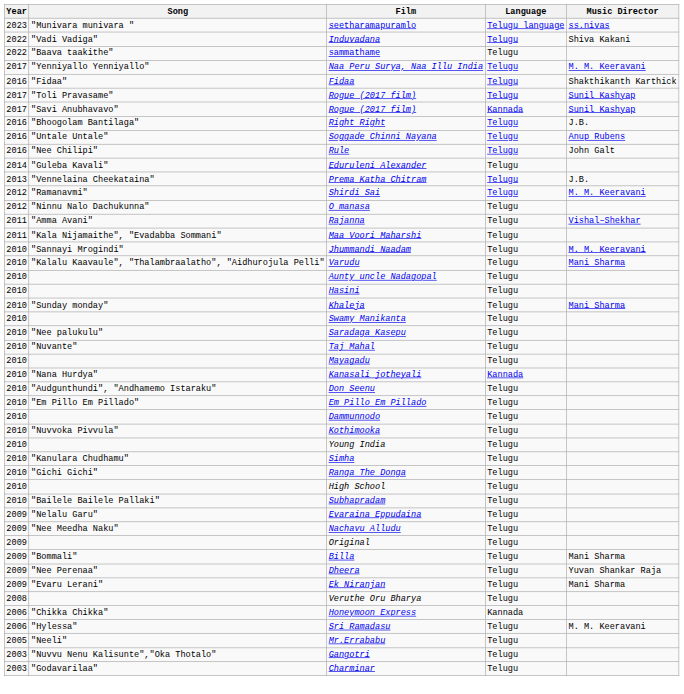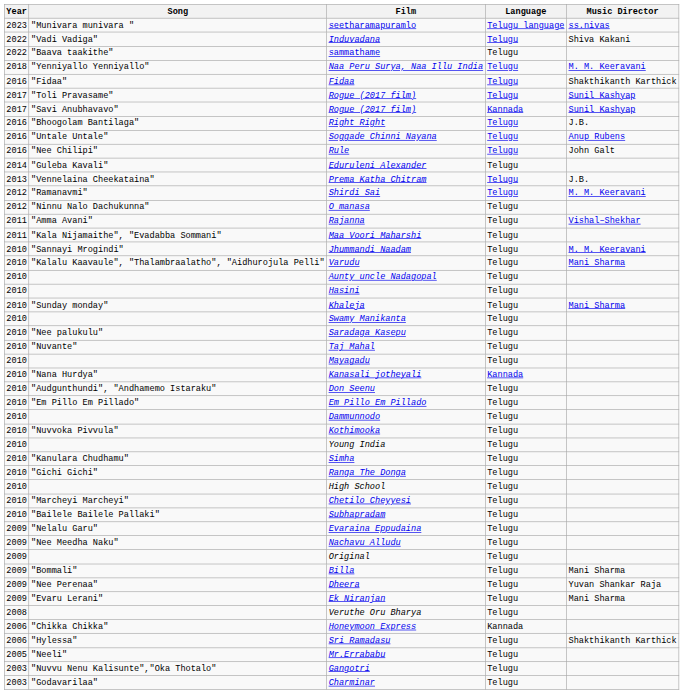 <table class="wikitable">
 <tr>
 <th>Year</th>
 <th>Song</th>
 <th>Film</th>
 <th>Language</th>
 <th>Music Director</th>
 </tr>
 <tr>
 <td>2023</td>
 <td>"Munivara munivara "</td>
 <td><a href='#'>seetharamapuramlo</a></td>
 <td><a href='#'>Telugu language</a></td>
 <td><a href='#'>ss.nivas</a></td>
 </tr>
 <tr>
 <td>2022</td>
 <td>"Vadi Vadiga"</td>
 <td><em><a href='#'>Induvadana</a></em></td>
 <td><a href='#'>Telugu</a></td>
 <td>Shiva Kakani</td>
 </tr>
 <tr>
 <td>2022</td>
 <td>"Baava taakithe"</td>
 <td><a href='#'>sammathame</a></td>
 <td>Telugu</td>
 <td></td>
 </tr>
 <tr>
-<td>2017</td>
+<td>2018</td>
 <td>"Yenniyallo Yenniyallo"</td>
 <td><em><a href='#'>Naa Peru Surya, Naa Illu India</a></em></td>
 <td><a href='#'>Telugu</a></td>
 <td><a href='#'>M. M. Keeravani</a></td>
 </tr>
 <tr>
 <td>2016</td>
 <td>"Fidaa"</td>
 <td><em><a href='#'>Fidaa</a></em></td>
 <td><a href='#'>Telugu</a></td>
 <td>Shakthikanth Karthick</td>
 </tr>
 <tr>
 <td>2017</td>
 <td>"Toli Pravasame"</td>
 <td><em><a href='#'>Rogue (2017 film)</a></em></td>
 <td><a href='#'>Telugu</a></td>
 <td><a href='#'>Sunil Kashyap</a></td>
 </tr>
 <tr>
 <td>2017</td>
 <td>"Savi Anubhavavo"</td>
 <td><em><a href='#'>Rogue (2017 film)</a></em></td>
 <td><a href='#'>Kannada</a></td>
 <td><a href='#'>Sunil Kashyap</a></td>
 </tr>
 <tr>
 <td>2016</td>
 <td>"Bhoogolam Bantilaga"</td>
 <td><em><a href='#'>Right Right</a></em></td>
 <td><a href='#'>Telugu</a></td>
 <td>J.B.</td>
 </tr>
 <tr>
 <td>2016</td>
 <td>"Untale Untale"</td>
 <td><em><a href='#'>Soggade Chinni Nayana</a></em></td>
 <td><a href='#'>Telugu</a></td>
 <td><a href='#'>Anup Rubens</a></td>
 </tr>
 <tr>
 <td>2016</td>
 <td>"Nee Chilipi"</td>
 <td><em><a href='#'>Rule</a></em></td>
 <td><a href='#'>Telugu</a></td>
 <td>John Galt</td>
 </tr>
 <tr>
 <td>2014</td>
 <td>"Guleba Kavali"</td>
 <td><em><a href='#'>Eduruleni Alexander</a></em></td>
 <td>Telugu</td>
 <td></td>
 </tr>
 <tr>
 <td>2013</td>
 <td>"Vennelaina Cheekataina"</td>
 <td><em><a href='#'>Prema Katha Chitram</a></em></td>
 <td><a href='#'>Telugu</a></td>
 <td>J.B.</td>
 </tr>
 <tr>
 <td>2012</td>
 <td>"Ramanavmi"</td>
 <td><em><a href='#'>Shirdi Sai</a></em></td>
 <td><a href='#'>Telugu</a></td>
 <td><a href='#'>M. M. Keeravani</a></td>
 </tr>
 <tr>
 <td>2012</td>
 <td>"Ninnu Nalo Dachukunna"</td>
 <td><em><a href='#'>O manasa</a></em></td>
 <td>Telugu</td>
 <td></td>
 </tr>
 <tr>
 <td>2011</td>
 <td>"Amma Avani"</td>
 <td><em><a href='#'>Rajanna</a></em></td>
 <td>Telugu</td>
 <td><a href='#'>Vishal–Shekhar</a></td>
 </tr>
 <tr>
 <td>2011</td>
 <td>"Kala Nijamaithe", "Evadabba Sommani"</td>
 <td><em><a href='#'>Maa Voori Maharshi</a></em></td>
 <td>Telugu</td>
 <td></td>
 </tr>
 <tr>
 <td>2010</td>
 <td>"Sannayi Mrogindi"</td>
 <td><em><a href='#'>Jhummandi Naadam</a></em></td>
 <td>Telugu</td>
 <td><a href='#'>M. M. Keeravani</a></td>
 </tr>
 <tr>
 <td>2010</td>
 <td>"Kalalu Kaavaule", "Thalambraalatho", "Aidhurojula Pelli"</td>
 <td><em><a href='#'>Varudu</a></em></td>
 <td>Telugu</td>
 <td><a href='#'>Mani Sharma</a></td>
 </tr>
 <tr>
 <td>2010</td>
 <td></td>
 <td><em><a href='#'>Aunty uncle Nadagopal</a></em></td>
 <td>Telugu</td>
 <td></td>
 </tr>
 <tr>
 <td>2010</td>
 <td></td>
 <td><em><a href='#'>Hasini</a></em></td>
 <td>Telugu</td>
 <td></td>
 </tr>
 <tr>
 <td>2010</td>
 <td>"Sunday monday"</td>
 <td><em><a href='#'>Khaleja</a></em></td>
 <td>Telugu</td>
 <td><a href='#'>Mani Sharma</a></td>
 </tr>
 <tr>
 <td>2010</td>
 <td></td>
 <td><em><a href='#'>Swamy Manikanta</a></em></td>
 <td>Telugu</td>
 <td></td>
 </tr>
 <tr>
 <td>2010</td>
 <td>"Nee palukulu"</td>
 <td><em><a href='#'>Saradaga Kasepu</a></em></td>
 <td>Telugu</td>
 <td></td>
 </tr>
 <tr>
 <td>2010</td>
 <td>"Nuvante"</td>
 <td><em><a href='#'>Taj Mahal</a></em></td>
 <td>Telugu</td>
 <td></td>
 </tr>
 <tr>
 <td>2010</td>
 <td></td>
 <td><em><a href='#'>Mayagadu</a></em></td>
 <td>Telugu</td>
 <td></td>
 </tr>
 <tr>
 <td>2010</td>
 <td>"Nana Hurdya"</td>
 <td><em><a href='#'>Kanasali jotheyali</a></em></td>
 <td><a href='#'>Kannada</a></td>
 <td></td>
 </tr>
 <tr>
 <td>2010</td>
 <td>"Audgunthundi", "Andhamemo Istaraku"</td>
 <td><em><a href='#'>Don Seenu</a></em></td>
 <td>Telugu</td>
 <td></td>
 </tr>
 <tr>
 <td>2010</td>
 <td>"Em Pillo Em Pillado"</td>
 <td><em><a href='#'>Em Pillo Em Pillado</a></em></td>
 <td>Telugu</td>
 <td></td>
 </tr>
 <tr>
 <td>2010</td>
 <td></td>
 <td><em><a href='#'>Dammunnodo</a></em></td>
 <td>Telugu</td>
 <td></td>
 </tr>
 <tr>
 <td>2010</td>
 <td>"Nuvvoka Pivvula"</td>
 <td><em><a href='#'>Kothimooka</a></em></td>
 <td>Telugu</td>
 <td></td>
 </tr>
 <tr>
 <td>2010</td>
 <td></td>
 <td><em>Young India</em></td>
 <td>Telugu</td>
 <td></td>
 </tr>
 <tr>
 <td>2010</td>
 <td>"Kanulara Chudhamu"</td>
 <td><em><a href='#'>Simha</a></em></td>
 <td>Telugu</td>
 <td></td>
 </tr>
 <tr>
 <td>2010</td>
 <td>"Gichi Gichi"</td>
 <td><em><a href='#'>Ranga The Donga</a></em></td>
 <td>Telugu</td>
 <td></td>
 </tr>
 <tr>
 <td>2010</td>
 <td></td>
 <td><em>High School</em></td>
 <td>Telugu</td>
 <td></td>
 </tr>
 <tr>
 <td>2010</td>
+<td>"Marcheyi Marcheyi"</td>
+<td><em><a href='#'>Chetilo Cheyyesi</a></em></td>
+<td>Telugu</td>
+<td></td>
+</tr>
+<tr>
+<td>2010</td>
 <td>"Bailele Bailele Pallaki"</td>
 <td><em><a href='#'>Subhapradam</a></em></td>
 <td>Telugu</td>
 <td></td>
 </tr>
 <tr>
 <td>2009</td>
 <td>"Nelalu Garu"</td>
 <td><em><a href='#'>Evaraina Eppudaina</a></em></td>
 <td>Telugu</td>
 <td></td>
 </tr>
 <tr>
 <td>2009</td>
 <td>"Nee Meedha Naku"</td>
 <td><em><a href='#'>Nachavu Alludu</a></em></td>
 <td>Telugu</td>
 <td></td>
 </tr>
 <tr>
 <td>2009</td>
 <td></td>
 <td><em>Original</em></td>
 <td>Telugu</td>
 <td></td>
 </tr>
 <tr>
 <td>2009</td>
 <td>"Bommali"</td>
 <td><em><a href='#'>Billa</a></em></td>
 <td>Telugu</td>
 <td>Mani Sharma</td>
 </tr>
 <tr>
 <td>2009</td>
 <td>"Nee Perenaa"</td>
 <td><em><a href='#'>Dheera</a></em></td>
 <td>Telugu</td>
 <td>Yuvan Shankar Raja</td>
 </tr>
 <tr>
 <td>2009</td>
 <td>"Evaru Lerani"</td>
 <td><em><a href='#'>Ek Niranjan</a></em></td>
 <td>Telugu</td>
 <td>Mani Sharma</td>
 </tr>
 <tr>
 <td>2008</td>
 <td></td>
 <td><em>Veruthe Oru Bharya</em></td>
 <td>Telugu</td>
 <td></td>
 </tr>
 <tr>
 <td>2006</td>
 <td>"Chikka Chikka"</td>
 <td><em><a href='#'>Honeymoon Express</a></em></td>
 <td>Kannada</td>
 <td></td>
 </tr>
 <tr>
 <td>2006</td>
 <td>"Hylessa"</td>
 <td><em><a href='#'>Sri Ramadasu</a></em></td>
 <td>Telugu</td>
-<td>M. M. Keeravani</td>
+<td>Shakthikanth Karthick</td>
 </tr>
 <tr>
 <td>2005</td>
 <td>"Neeli"</td>
 <td><em><a href='#'>Mr.Errababu</a></em></td>
 <td>Telugu</td>
 <td></td>
 </tr>
 <tr>
 <td>2003</td>
 <td>"Nuvvu Nenu Kalisunte","Oka Thotalo"</td>
 <td><em><a href='#'>Gangotri</a></em></td>
 <td>Telugu</td>
 <td></td>
 </tr>
 <tr>
 <td>2003</td>
 <td>"Godavarilaa"</td>
 <td><em><a href='#'>Charminar</a></em></td>
 <td>Telugu</td>
 <td></td>
 </tr>
 </table>
